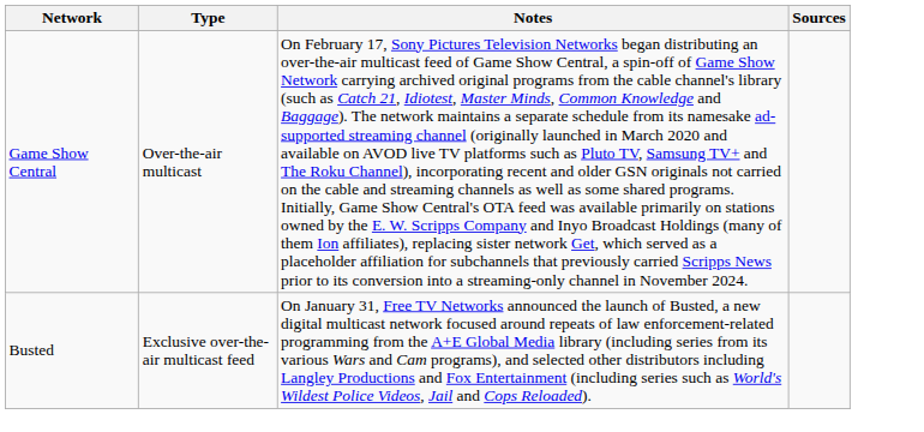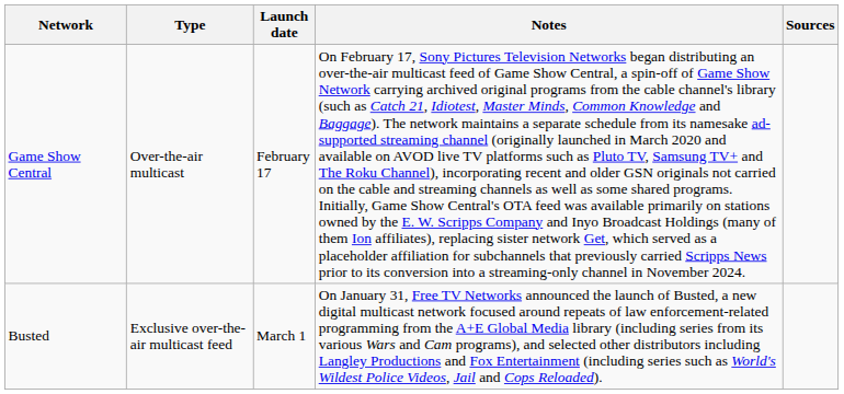 <table class="wikitable">
 <tr>
 <th style="text-align:center; width:125px">Network</th>
 <th style="text-align:center; width:130px">Type</th>
+<th style="text-align:center; width:60px">Launch date</th>
 <th style="text-align:center; width:500px">Notes</th>
 <th style="text-align:center; width:30px">Sources</th>
 </tr>
 <tr>
 <td><a href='#'>Game Show Central</a></td>
 <td>Over-the-air multicast</td>
+<td>February 17</td>
 <td>On February 17, <a href='#'>Sony Pictures Television Networks</a> began distributing an over-the-air multicast feed of Game Show Central, a spin-off of <a href='#'>Game Show Network</a> carrying archived original programs from the cable channel's library (such as <em><a href='#'>Catch 21</a></em>, <em><a href='#'>Idiotest</a></em>, <em><a href='#'>Master Minds</a></em>, <em><a href='#'>Common Knowledge</a></em> and <em><a href='#'>Baggage</a></em>). The network maintains a separate schedule from its namesake <a href='#'>ad-supported streaming channel</a> (originally launched in March 2020 and available on AVOD live TV platforms such as <a href='#'>Pluto TV</a>, <a href='#'>Samsung TV+</a> and <a href='#'>The Roku Channel</a>), incorporating recent and older GSN originals not carried on the cable and streaming channels as well as some shared programs. Initially, Game Show Central's OTA feed was available primarily on stations owned by the <a href='#'>E. W. Scripps Company</a> and Inyo Broadcast Holdings (many of them <a href='#'>Ion</a> affiliates), replacing sister network <a href='#'>Get</a>, which served as a placeholder affiliation for subchannels that previously carried <a href='#'>Scripps News</a> prior to its conversion into a streaming-only channel in November 2024.</td>
 <td></td>
 </tr>
 <tr>
 <td>Busted</td>
 <td>Exclusive  over-the-air multicast feed</td>
+<td>March 1</td>
 <td>On January 31, <a href='#'>Free TV Networks</a> announced the launch of Busted, a new digital multicast network focused around repeats of law enforcement-related programming from the <a href='#'>A+E Global Media</a> library (including series from its various <em>Wars</em> and <em>Cam</em> programs), and selected other distributors including <a href='#'>Langley Productions</a> and <a href='#'>Fox Entertainment</a> (including series such as <em><a href='#'>World's Wildest Police Videos</a></em>, <em><a href='#'>Jail</a></em> and <em><a href='#'>Cops Reloaded</a></em>).</td>
 <td></td>
 </tr>
 </table>
